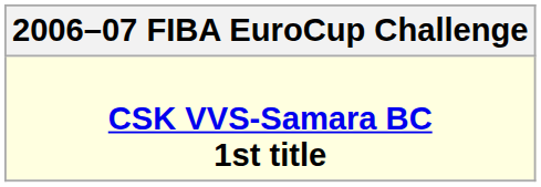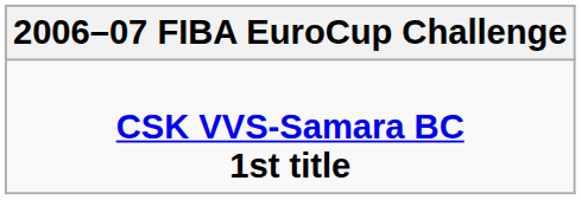 <table class=wikitable style="text-align:center; margin:auto">
 <tr>
 <th>2006–07 FIBA EuroCup Challenge</th>
 </tr>
 <tr>
-<td style="background: lightyellow;"> <br> <strong><a href='#'>CSK VVS-Samara BC</a></strong> <br> <strong>1st title</strong></td>
+<td> <br> <strong><a href='#'>CSK VVS-Samara BC</a></strong> <br> <strong>1st title</strong></td>
 </tr>
 </table>
